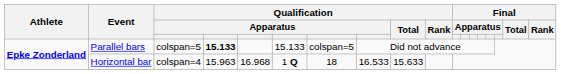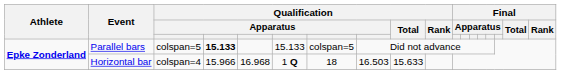 <table class="wikitable" style="font-size:90%">
 <tr>
 <th rowspan=3>Athlete</th>
 <th rowspan=3>Event</th>
 <th colspan =8>Qualification</th>
 <th colspan =8>Final</th>
 </tr>
 <tr style="font-size:95%">
 <th colspan=6>Apparatus</th>
 <th rowspan=2>Total</th>
 <th rowspan=2>Rank</th>
 <th colspan=6>Apparatus</th>
 <th rowspan=2>Total</th>
 <th rowspan=2>Rank</th>
 </tr>
 <tr style="font-size:95%">
 <th></th>
 <th></th>
 <th></th>
 <th></th>
 <th></th>
 <th></th>
 <th></th>
 <th></th>
 <th></th>
 <th></th>
 <th></th>
 <th></th>
 </tr>
 <tr align=center>
 <td align=left rowspan=2><strong><a href='#'>Epke Zonderland</a></strong></td>
 <td align=left><a href='#'>Parallel bars</a></td>
 <td>colspan=5 </td>
 <td><strong>15.133</strong></td>
 <td></td>
 <td>15.133</td>
 <td>colspan=5 </td>
 <td colspan=8>Did not advance</td>
 </tr>
 <tr align=center>
 <td align=left><a href='#'>Horizontal bar</a></td>
 <td>colspan=4 </td>
-<td>15.963</td>
+<td>15.966</td>
 <td>16.968</td>
 <td>1 <strong>Q</strong></td>
 <td>18</td>
-<td>16.533</td>
+<td>16.503</td>
 <td>15.633</td>
 <td></td>
 </tr>
 </table>
